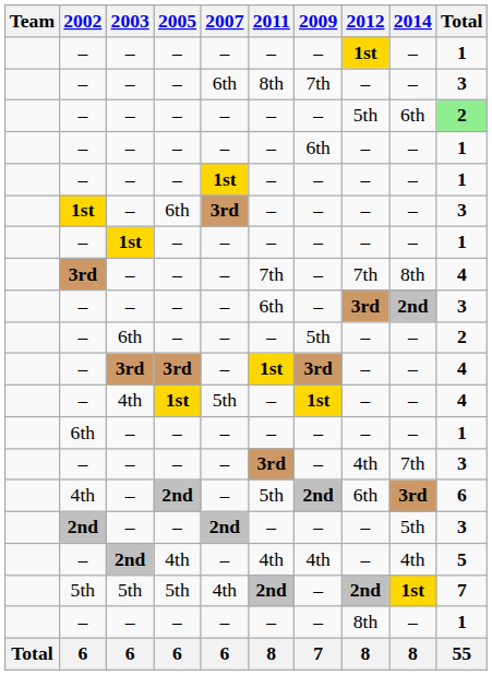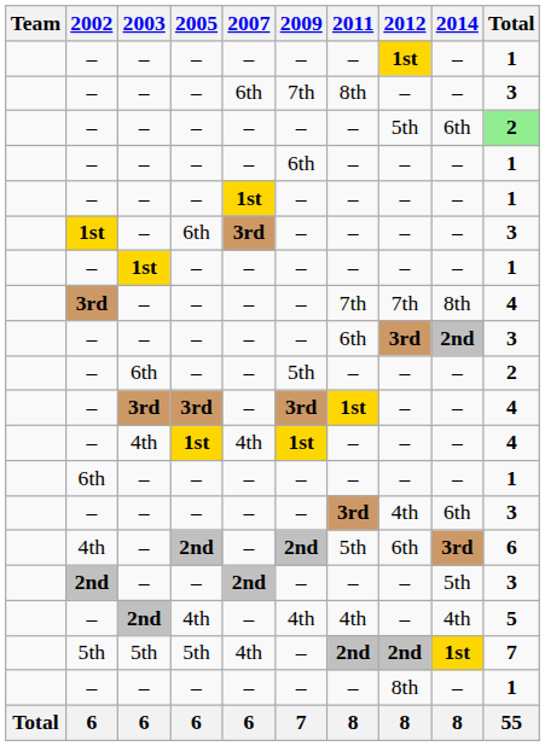 <table class=wikitable style="text-align:center; font-size:90%">
 <tr>
 <th>Team</th>
 <th><a href='#'>2002</a></th>
 <th><a href='#'>2003</a></th>
 <th><a href='#'>2005</a></th>
 <th><a href='#'>2007</a></th>
+<th><a href='#'>2009</a></th>
 <th><a href='#'>2011</a></th>
-<th><a href='#'>2009</a></th>
 <th><a href='#'>2012</a></th>
 <th><a href='#'>2014</a></th>
 <th>Total</th>
 </tr>
 <tr>
 <td align=left></td>
 <td>–</td>
 <td>–</td>
 <td>–</td>
 <td>–</td>
 <td>–</td>
 <td>–</td>
 <td bgcolor=gold><strong>1st</strong></td>
 <td>–</td>
 <td><strong>1</strong></td>
 </tr>
 <tr>
 <td align=left></td>
 <td>–</td>
 <td>–</td>
 <td>–</td>
 <td>6th</td>
+<td>7th</td>
 <td>8th</td>
-<td>7th</td>
 <td>–</td>
 <td>–</td>
 <td><strong>3</strong></td>
 </tr>
 <tr>
 <td align=left></td>
 <td>–</td>
 <td>–</td>
 <td>–</td>
 <td>–</td>
 <td>–</td>
 <td>–</td>
 <td>5th</td>
 <td>6th</td>
 <td style="background: lightgreen;"><strong>2</strong></td>
 </tr>
 <tr>
 <td align=left></td>
 <td>–</td>
 <td>–</td>
 <td>–</td>
 <td>–</td>
+<td>6th</td>
 <td>–</td>
-<td>6th</td>
 <td>–</td>
 <td>–</td>
 <td><strong>1</strong></td>
 </tr>
 <tr>
 <td align=left></td>
 <td>–</td>
 <td>–</td>
 <td>–</td>
 <td bgcolor=gold><strong>1st</strong></td>
 <td>–</td>
 <td>–</td>
 <td>–</td>
 <td>–</td>
 <td><strong>1</strong></td>
 </tr>
 <tr>
 <td align=left></td>
 <td bgcolor=gold><strong>1st</strong></td>
 <td>–</td>
 <td>6th</td>
 <td bgcolor=#cc9966><strong>3rd</strong></td>
 <td>–</td>
 <td>–</td>
 <td>–</td>
 <td>–</td>
 <td><strong>3</strong></td>
 </tr>
 <tr>
 <td align=left></td>
 <td>–</td>
 <td bgcolor=gold><strong>1st</strong></td>
 <td>–</td>
 <td>–</td>
 <td>–</td>
 <td>–</td>
 <td>–</td>
 <td>–</td>
 <td><strong>1</strong></td>
 </tr>
 <tr>
 <td align=left></td>
 <td bgcolor=#cc9966><strong>3rd</strong></td>
 <td>–</td>
 <td>–</td>
 <td>–</td>
+<td>–</td>
 <td>7th</td>
-<td>–</td>
 <td>7th</td>
 <td>8th</td>
 <td><strong>4</strong></td>
 </tr>
 <tr>
 <td align=left></td>
 <td>–</td>
 <td>–</td>
 <td>–</td>
 <td>–</td>
+<td>–</td>
 <td>6th</td>
-<td>–</td>
 <td bgcolor=#cc9966><strong>3rd</strong></td>
 <td bgcolor=silver><strong>2nd</strong></td>
 <td><strong>3</strong></td>
 </tr>
 <tr>
 <td align=left></td>
 <td>–</td>
 <td>6th</td>
 <td>–</td>
 <td>–</td>
+<td>5th</td>
 <td>–</td>
-<td>5th</td>
 <td>–</td>
 <td>–</td>
 <td><strong>2</strong></td>
 </tr>
 <tr>
 <td align=left></td>
 <td>–</td>
 <td bgcolor=#cc9966><strong>3rd</strong></td>
 <td bgcolor=#cc9966><strong>3rd</strong></td>
 <td>–</td>
+<td bgcolor=#cc9966><strong>3rd</strong></td>
 <td bgcolor=gold><strong>1st</strong></td>
-<td bgcolor=#cc9966><strong>3rd</strong></td>
 <td>–</td>
 <td>–</td>
 <td><strong>4</strong></td>
 </tr>
 <tr>
 <td align=left></td>
 <td>–</td>
 <td>4th</td>
 <td bgcolor=gold><strong>1st</strong></td>
-<td>5th</td>
+<td>4th</td>
+<td bgcolor=gold><strong>1st</strong></td>
 <td>–</td>
-<td bgcolor=gold><strong>1st</strong></td>
 <td>–</td>
 <td>–</td>
 <td><strong>4</strong></td>
 </tr>
 <tr>
 <td align=left></td>
 <td>6th</td>
 <td>–</td>
 <td>–</td>
 <td>–</td>
 <td>–</td>
 <td>–</td>
 <td>–</td>
 <td>–</td>
 <td><strong>1</strong></td>
 </tr>
 <tr>
 <td align=left></td>
 <td>–</td>
 <td>–</td>
 <td>–</td>
 <td>–</td>
+<td>–</td>
 <td bgcolor=#cc9966><strong>3rd</strong></td>
-<td>–</td>
 <td>4th</td>
-<td>7th</td>
+<td>6th</td>
 <td><strong>3</strong></td>
 </tr>
 <tr>
 <td align=left></td>
 <td>4th</td>
 <td>–</td>
 <td bgcolor=silver><strong>2nd</strong></td>
 <td>–</td>
+<td bgcolor=silver><strong>2nd</strong></td>
 <td>5th</td>
-<td bgcolor=silver><strong>2nd</strong></td>
 <td>6th</td>
 <td bgcolor=#cc9966><strong>3rd</strong></td>
 <td><strong>6</strong></td>
 </tr>
 <tr>
 <td align=left></td>
 <td bgcolor=silver><strong>2nd</strong></td>
 <td>–</td>
 <td>–</td>
 <td bgcolor=silver><strong>2nd</strong></td>
 <td>–</td>
 <td>–</td>
 <td>–</td>
 <td>5th</td>
 <td><strong>3</strong></td>
 </tr>
 <tr>
 <td align=left></td>
 <td>–</td>
 <td bgcolor=silver><strong>2nd</strong></td>
 <td>4th</td>
 <td>–</td>
 <td>4th</td>
 <td>4th</td>
 <td>–</td>
 <td>4th</td>
 <td><strong>5</strong></td>
 </tr>
 <tr>
 <td align=left></td>
 <td>5th</td>
 <td>5th</td>
 <td>5th</td>
 <td>4th</td>
+<td>–</td>
 <td bgcolor=silver><strong>2nd</strong></td>
-<td>–</td>
 <td bgcolor=silver><strong>2nd</strong></td>
 <td bgcolor=gold><strong>1st</strong></td>
 <td><strong>7</strong></td>
 </tr>
 <tr>
 <td align=left></td>
 <td>–</td>
 <td>–</td>
 <td>–</td>
 <td>–</td>
 <td>–</td>
 <td>–</td>
 <td>8th</td>
 <td>–</td>
 <td><strong>1</strong></td>
 </tr>
 <tr>
 <th>Total</th>
 <th>6</th>
 <th>6</th>
 <th>6</th>
 <th>6</th>
+<th>7</th>
 <th>8</th>
-<th>7</th>
 <th>8</th>
 <th>8</th>
 <th>55</th>
 </tr>
 </table>
